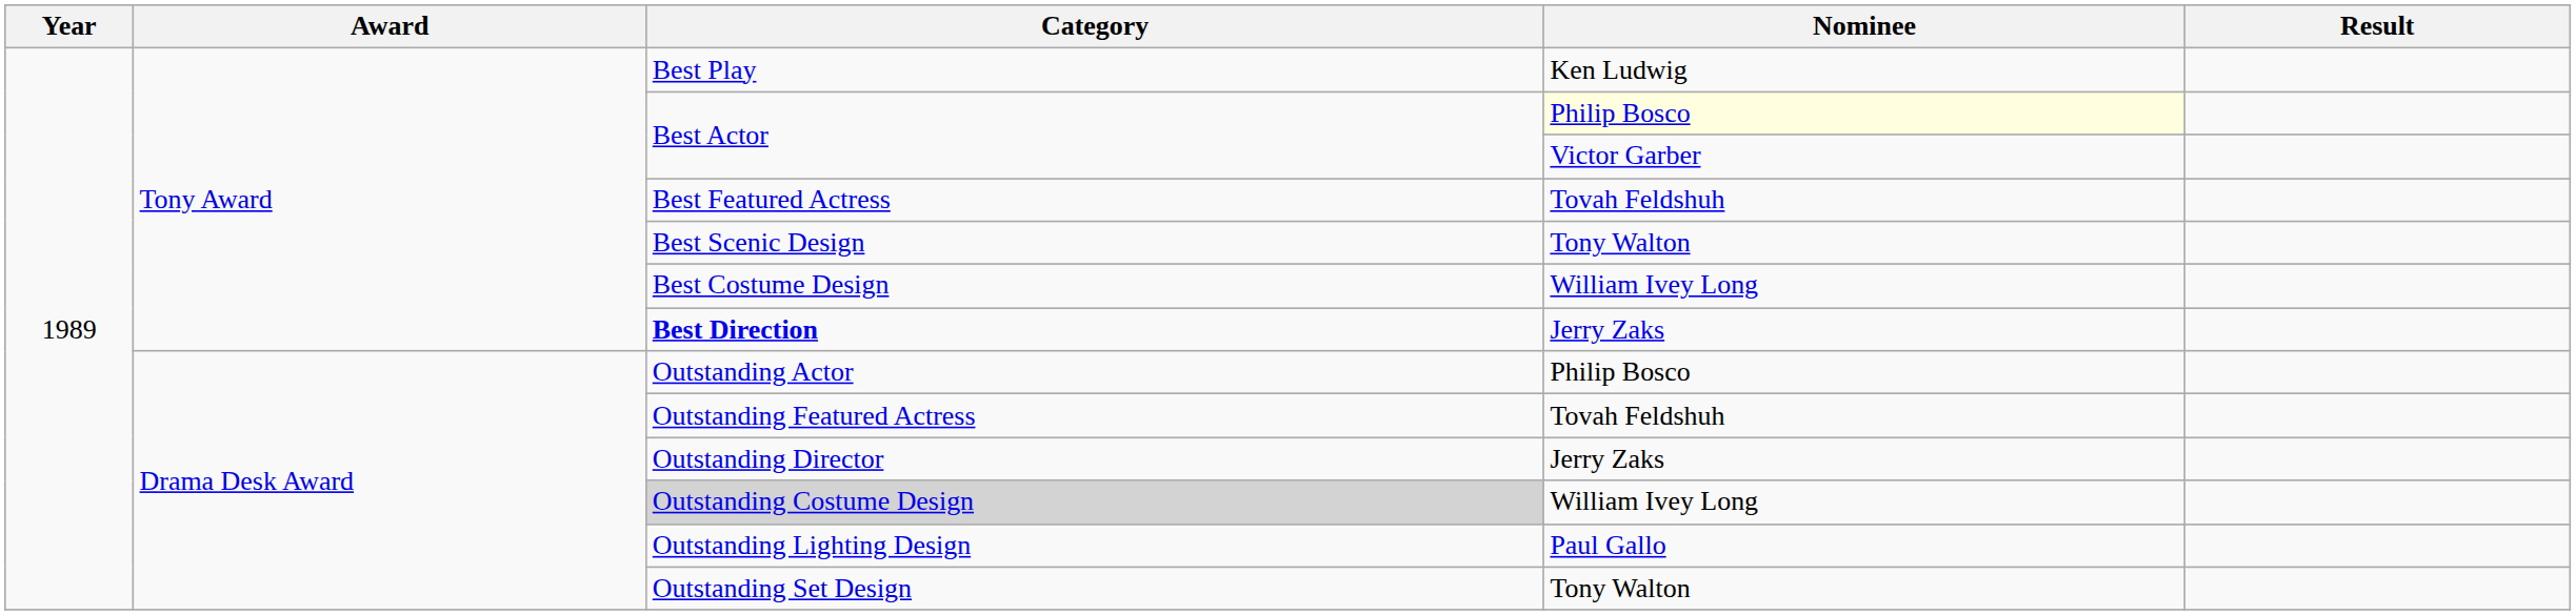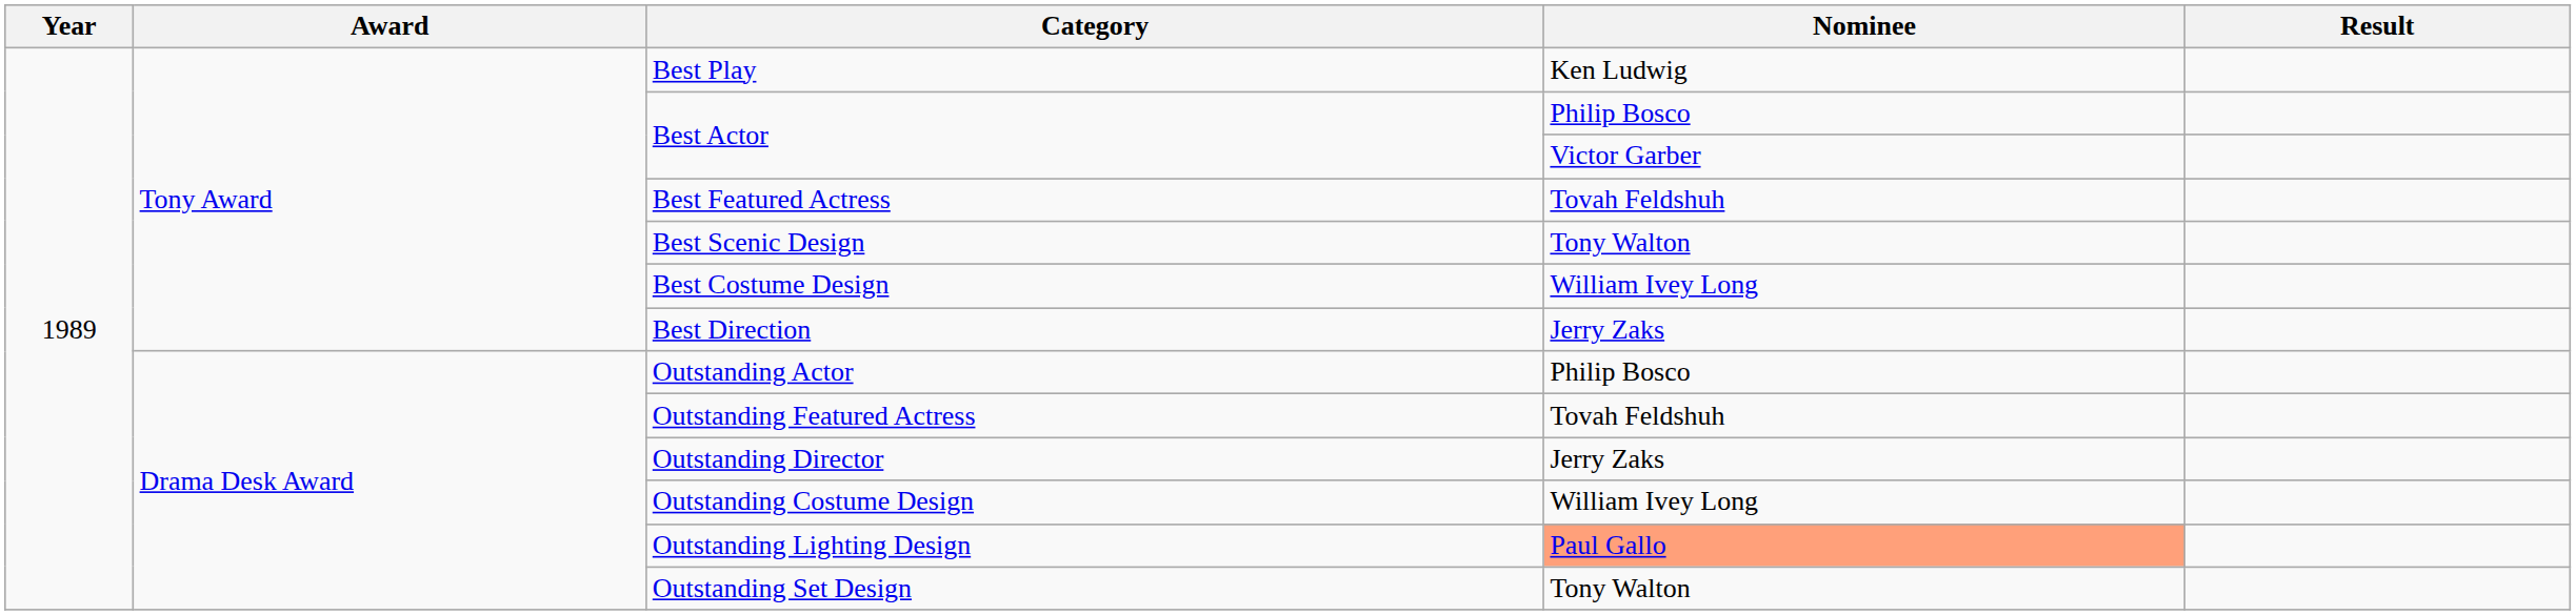 <table class="wikitable" style="width:95%;">
 <tr style="vertical-align:bottom;">
 <th style="width:5%;">Year</th>
 <th style="width:20%;">Award</th>
 <th style="width:35%;">Category</th>
 <th style="width:25%;">Nominee</th>
 <th style="width:15%;">Result</th>
 </tr>
 <tr>
 <td rowspan="13" style="text-align:center;">1989</td>
 <td rowspan="7"><a href='#'>Tony Award</a></td>
 <td><a href='#'>Best Play</a></td>
 <td>Ken Ludwig</td>
 <td></td>
 </tr>
 <tr>
 <td rowspan="2"><a href='#'>Best Actor</a></td>
-<td style="background: lightyellow;"><a href='#'>Philip Bosco</a></td>
+<td><a href='#'>Philip Bosco</a></td>
 <td></td>
 </tr>
 <tr>
 <td><a href='#'>Victor Garber</a></td>
 <td></td>
 </tr>
 <tr>
 <td><a href='#'>Best Featured Actress</a></td>
 <td><a href='#'>Tovah Feldshuh</a></td>
 <td></td>
 </tr>
 <tr>
 <td><a href='#'>Best Scenic Design</a></td>
 <td><a href='#'>Tony Walton</a></td>
 <td></td>
 </tr>
 <tr>
 <td><a href='#'>Best Costume Design</a></td>
 <td><a href='#'>William Ivey Long</a></td>
 <td></td>
 </tr>
 <tr>
-<td><strong><a href='#'>Best Direction</a></strong></td>
+<td><a href='#'>Best Direction</a></td>
 <td><a href='#'>Jerry Zaks</a></td>
 <td></td>
 </tr>
 <tr>
 <td rowspan="6"><a href='#'>Drama Desk Award</a></td>
 <td><a href='#'>Outstanding Actor</a></td>
 <td>Philip Bosco</td>
 <td></td>
 </tr>
 <tr>
 <td><a href='#'>Outstanding Featured Actress</a></td>
 <td>Tovah Feldshuh</td>
 <td></td>
 </tr>
 <tr>
 <td><a href='#'>Outstanding Director</a></td>
 <td>Jerry Zaks</td>
 <td></td>
 </tr>
 <tr>
-<td style="background: lightgrey;"><a href='#'>Outstanding Costume Design</a></td>
+<td><a href='#'>Outstanding Costume Design</a></td>
 <td>William Ivey Long</td>
 <td></td>
 </tr>
 <tr>
 <td><a href='#'>Outstanding Lighting Design</a></td>
-<td><a href='#'>Paul Gallo</a></td>
+<td style="background: lightsalmon;"><a href='#'>Paul Gallo</a></td>
 <td></td>
 </tr>
 <tr>
 <td><a href='#'>Outstanding Set Design</a></td>
 <td>Tony Walton</td>
 <td></td>
 </tr>
 </table>
